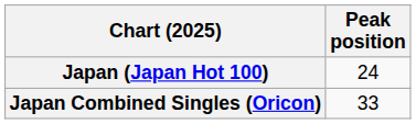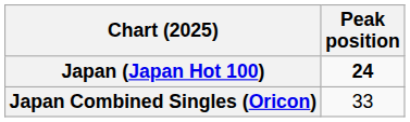 <table class="wikitable sortable plainrowheaders" style="text-align:center">
 <tr>
 <th scope="col">Chart (2025)</th>
 <th scope="col">Peak<br>position</th>
 </tr>
 <tr>
 <th scope="row">Japan (<a href='#'>Japan Hot 100</a>)</th>
-<td>24</td>
+<td><strong>24</strong></td>
 </tr>
 <tr>
 <th scope="row">Japan Combined Singles (<a href='#'>Oricon</a>)</th>
 <td>33</td>
 </tr>
 </table>
